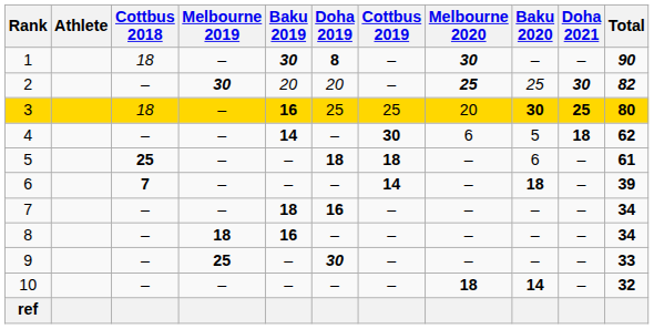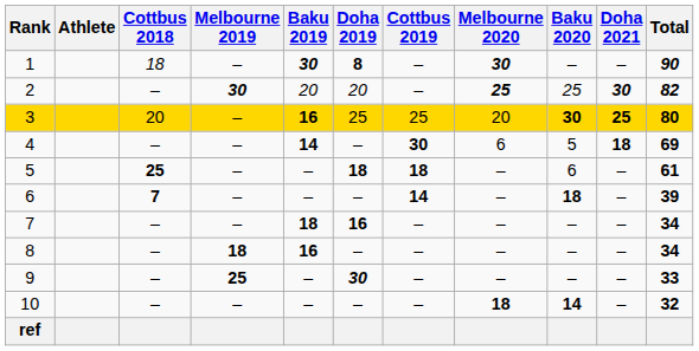 <table style="width:60%;" class="wikitable">
 <tr>
 <th style="text-align:center; width:6%;">Rank</th>
 <th style="text-align:center; width:30%;">Athlete</th>
 <th style="text-align:center; width:6%;"><a href='#'>Cottbus 2018</a></th>
 <th style="text-align:center; width:6%;"><a href='#'>Melbourne 2019</a></th>
 <th style="text-align:center; width:6%;"><a href='#'>Baku 2019</a></th>
 <th style="text-align:center; width:6%;"><a href='#'>Doha 2019</a></th>
 <th style="text-align:center; width:6%;"><a href='#'>Cottbus 2019</a></th>
 <th style="text-align:center; width:6%;"><a href='#'>Melbourne 2020</a></th>
 <th style="text-align:center; width:6%;"><a href='#'>Baku 2020</a></th>
 <th style="text-align:center; width:6%;"><a href='#'>Doha 2021</a></th>
 <th style="text-align:center; width:6%;">Total</th>
 </tr>
 <tr scope=row style="text-align:center">
 <td>1</td>
 <td align=left><em></em> </td>
 <td><em>18</em></td>
 <td><em>–</em></td>
 <td><strong><em>30</em></strong></td>
 <td><strong>8</strong></td>
 <td><em>–</em></td>
 <td><strong><em>30</em></strong></td>
 <td><em>–</em></td>
 <td><em>–</em></td>
 <td><strong><em>90</em></strong></td>
 </tr>
 <tr scope=row style="text-align:center">
 <td>2</td>
 <td align=left><em></em> </td>
 <td>–</td>
 <td><strong><em>30</em></strong></td>
 <td><em>20</em></td>
 <td><em>20</em></td>
 <td><em>–</em></td>
 <td><strong><em>25</em></strong></td>
 <td><em>25</em></td>
 <td><strong><em>30</em></strong></td>
 <td><strong><em>82</em></strong></td>
 </tr>
 <tr scope=row style="text-align:center" bgcolor=gold>
 <td>3</td>
 <td align=left></td>
-<td><em>18</em></td>
+<td>20</td>
 <td>–</td>
 <td><strong>16</strong></td>
 <td>25</td>
 <td>25</td>
 <td>20</td>
 <td><strong>30</strong></td>
 <td><strong>25</strong></td>
 <td><strong>80</strong></td>
 </tr>
 <tr scope=row style="text-align:center">
 <td>4</td>
 <td align=left></td>
 <td>–</td>
 <td>–</td>
 <td><strong>14</strong></td>
 <td>–</td>
 <td><strong>30</strong></td>
 <td>6</td>
 <td>5</td>
 <td><strong>18</strong></td>
-<td><strong>62</strong></td>
+<td><strong>69</strong></td>
 </tr>
 <tr scope=row style="text-align:center">
 <td>5</td>
 <td align=left></td>
 <td><strong>25</strong></td>
 <td>–</td>
 <td>–</td>
 <td><strong>18</strong></td>
 <td><strong>18</strong></td>
 <td>–</td>
 <td>6</td>
 <td>–</td>
 <td><strong>61</strong></td>
 </tr>
 <tr scope=row style="text-align:center">
 <td>6</td>
 <td align=left></td>
 <td><strong>7</strong></td>
 <td>–</td>
 <td>–</td>
 <td>–</td>
 <td><strong>14</strong></td>
 <td>–</td>
 <td><strong>18</strong></td>
 <td>–</td>
 <td><strong>39</strong></td>
 </tr>
 <tr scope=row style="text-align:center">
 <td>7</td>
 <td align=left></td>
 <td>–</td>
 <td>–</td>
 <td><strong>18</strong></td>
 <td><strong>16</strong></td>
 <td>–</td>
 <td>–</td>
 <td>–</td>
 <td>–</td>
 <td><strong>34</strong></td>
 </tr>
 <tr scope=row style="text-align:center">
 <td>8</td>
 <td align=left></td>
 <td>–</td>
 <td><strong>18</strong></td>
 <td><strong>16</strong></td>
 <td>–</td>
 <td>–</td>
 <td>–</td>
 <td>–</td>
 <td>–</td>
 <td><strong>34</strong></td>
 </tr>
 <tr scope=row style="text-align:center">
 <td>9</td>
 <td align=left></td>
 <td>–</td>
 <td><strong>25</strong></td>
 <td>–</td>
 <td><strong><em>30</em></strong></td>
 <td>–</td>
 <td>–</td>
 <td>–</td>
 <td>–</td>
 <td><strong>33</strong></td>
 </tr>
 <tr scope=row style="text-align:center">
 <td>10</td>
 <td align=left></td>
 <td>–</td>
 <td>–</td>
 <td>–</td>
 <td>–</td>
 <td>–</td>
 <td><strong>18</strong></td>
 <td><strong>14</strong></td>
 <td>–</td>
 <td><strong>32</strong></td>
 </tr>
 <tr>
 <th>ref</th>
 <th></th>
 <th></th>
 <th></th>
 <th></th>
 <th></th>
 <th></th>
 <th></th>
 <th></th>
 <th></th>
 <th></th>
 </tr>
 </table>
